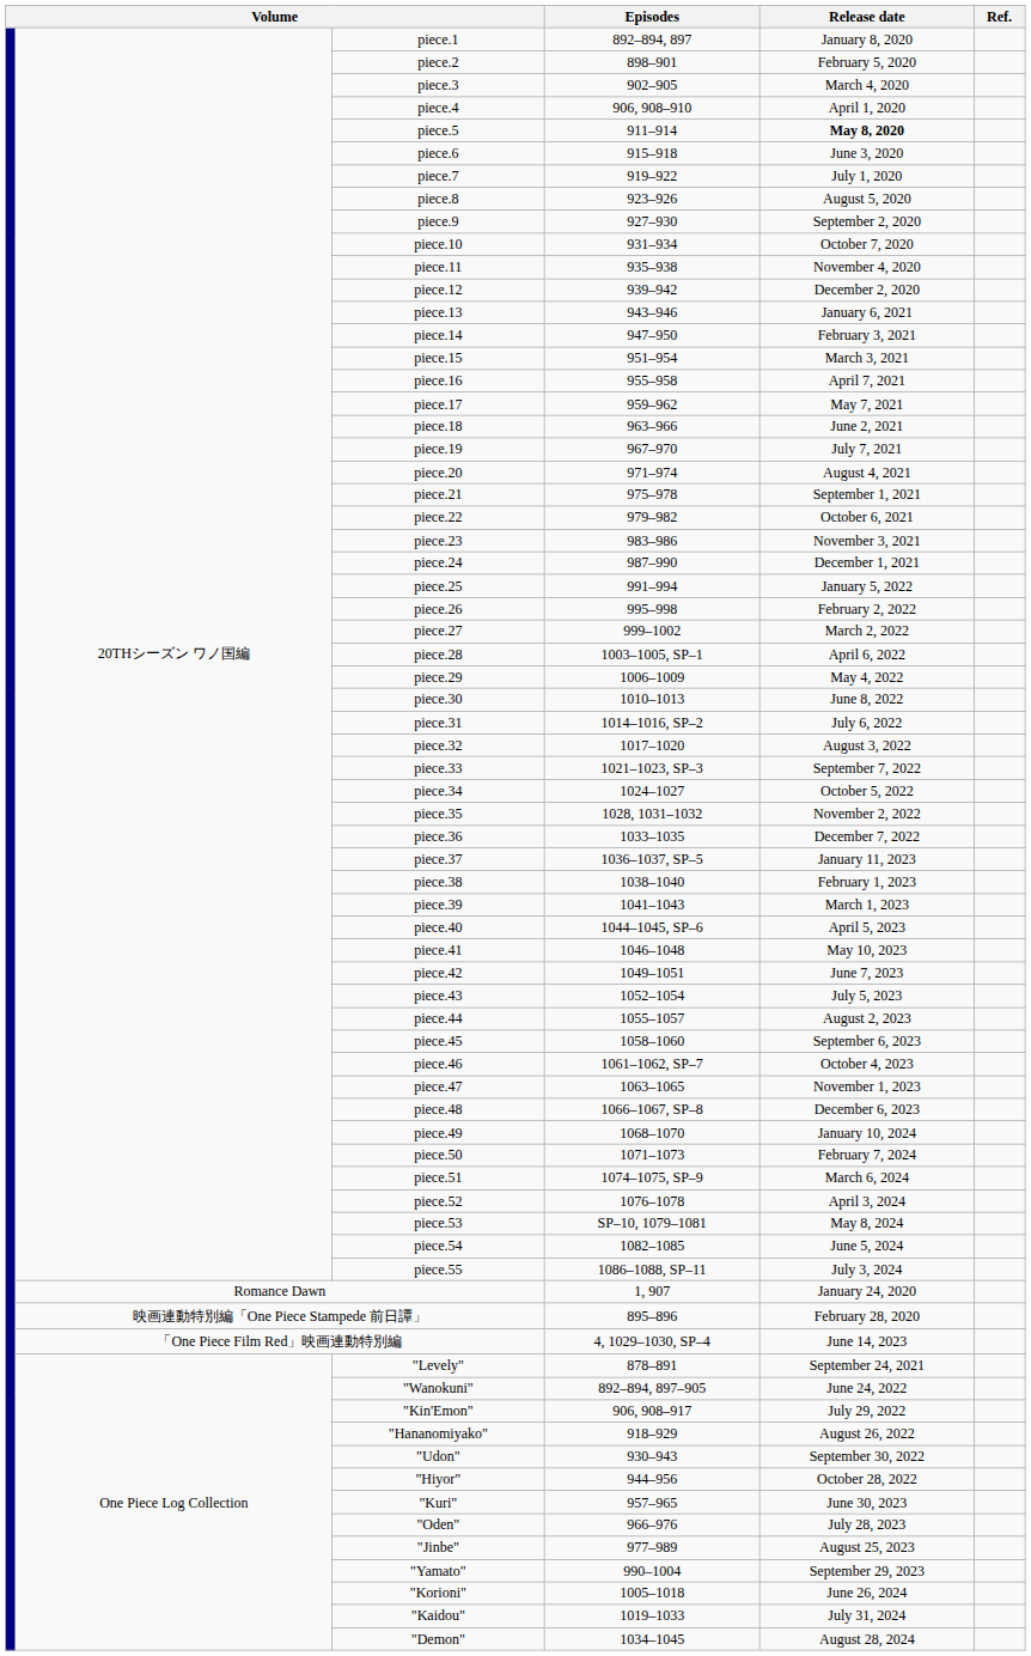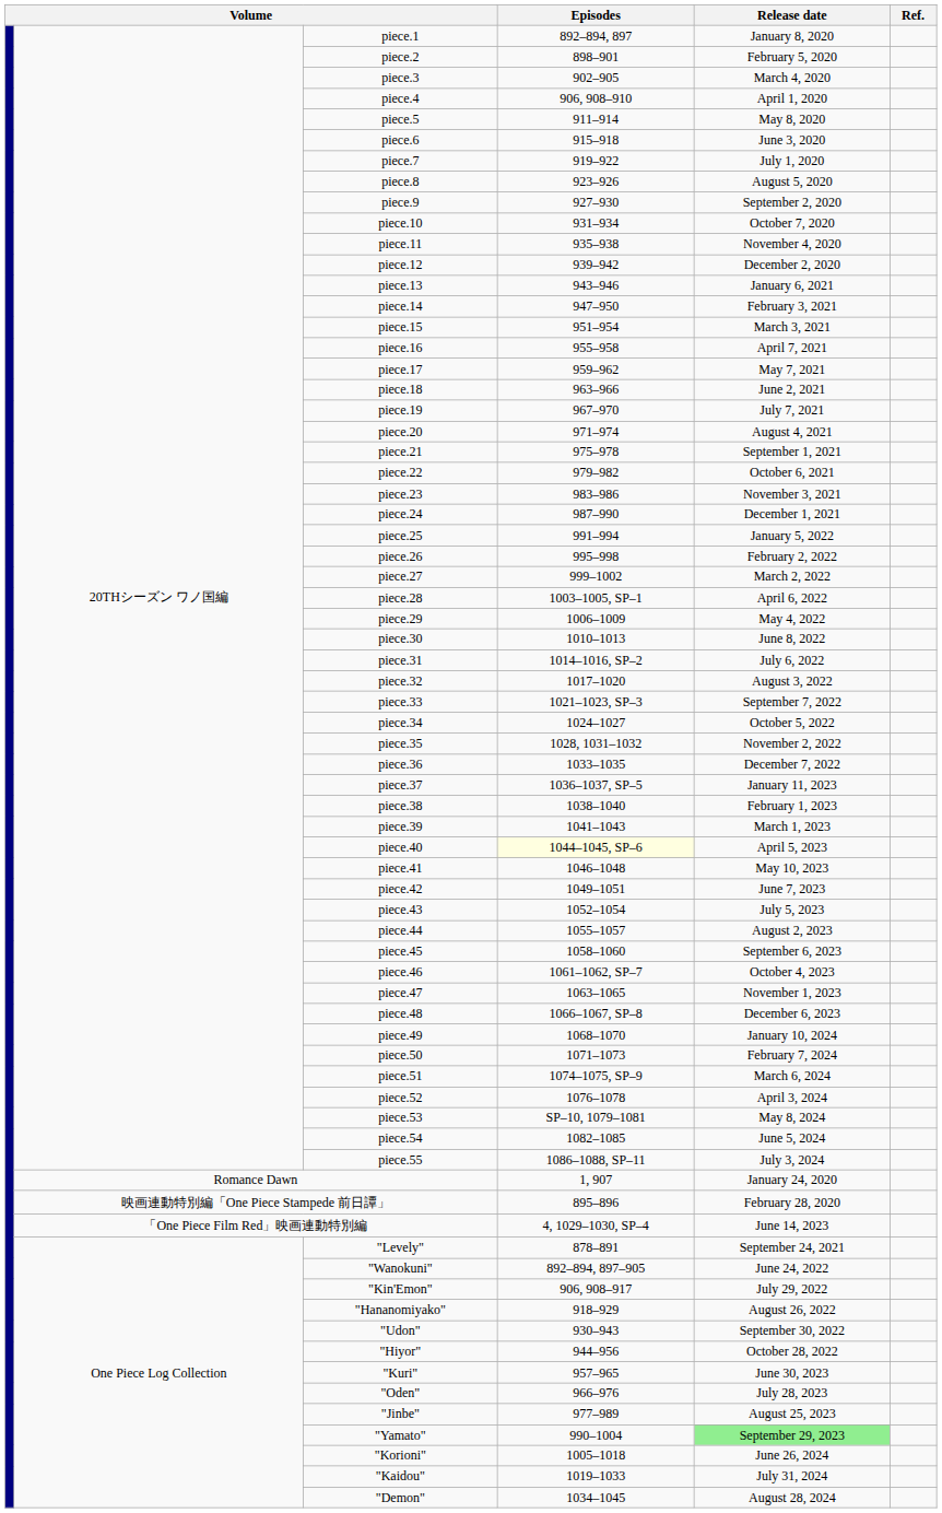 <table class="wikitable" style="text-align: center; width: 90%;">
 <tr>
 <th colspan="3">Volume</th>
 <th>Episodes</th>
 <th>Release date</th>
 <th style="width:5%;">Ref.</th>
 </tr>
 <tr>
 <td rowspan="99" style="width:1%; background:#000080;"></td>
 <td rowspan="55">20THシーズン ワノ国編</td>
 <td>piece.1</td>
 <td>892–894, 897</td>
 <td>January 8, 2020</td>
 <td></td>
 </tr>
 <tr>
 <td>piece.2</td>
 <td>898–901</td>
 <td>February 5, 2020</td>
 <td></td>
 </tr>
 <tr>
 <td>piece.3</td>
 <td>902–905</td>
 <td>March 4, 2020</td>
 <td></td>
 </tr>
 <tr>
 <td>piece.4</td>
 <td>906, 908–910</td>
 <td>April 1, 2020</td>
 <td></td>
 </tr>
 <tr>
 <td>piece.5</td>
 <td>911–914</td>
-<td><strong>May 8, 2020</strong></td>
+<td>May 8, 2020</td>
 <td></td>
 </tr>
 <tr>
 <td>piece.6</td>
 <td>915–918</td>
 <td>June 3, 2020</td>
 <td></td>
 </tr>
 <tr>
 <td>piece.7</td>
 <td>919–922</td>
 <td>July 1, 2020</td>
 <td></td>
 </tr>
 <tr>
 <td>piece.8</td>
 <td>923–926</td>
 <td>August 5, 2020</td>
 <td></td>
 </tr>
 <tr>
 <td>piece.9</td>
 <td>927–930</td>
 <td>September 2, 2020</td>
 <td></td>
 </tr>
 <tr>
 <td>piece.10</td>
 <td>931–934</td>
 <td>October 7, 2020</td>
 <td></td>
 </tr>
 <tr>
 <td>piece.11</td>
 <td>935–938</td>
 <td>November 4, 2020</td>
 <td></td>
 </tr>
 <tr>
 <td>piece.12</td>
 <td>939–942</td>
 <td>December 2, 2020</td>
 <td></td>
 </tr>
 <tr>
 <td>piece.13</td>
 <td>943–946</td>
 <td>January 6, 2021</td>
 <td></td>
 </tr>
 <tr>
 <td>piece.14</td>
 <td>947–950</td>
 <td>February 3, 2021</td>
 <td></td>
 </tr>
 <tr>
 <td>piece.15</td>
 <td>951–954</td>
 <td>March 3, 2021</td>
 <td></td>
 </tr>
 <tr>
 <td>piece.16</td>
 <td>955–958</td>
 <td>April 7, 2021</td>
 <td></td>
 </tr>
 <tr>
 <td>piece.17</td>
 <td>959–962</td>
 <td>May 7, 2021</td>
 <td></td>
 </tr>
 <tr>
 <td>piece.18</td>
 <td>963–966</td>
 <td>June 2, 2021</td>
 <td></td>
 </tr>
 <tr>
 <td>piece.19</td>
 <td>967–970</td>
 <td>July 7, 2021</td>
 <td></td>
 </tr>
 <tr>
 <td>piece.20</td>
 <td>971–974</td>
 <td>August 4, 2021</td>
 <td></td>
 </tr>
 <tr>
 <td>piece.21</td>
 <td>975–978</td>
 <td>September 1, 2021</td>
 <td></td>
 </tr>
 <tr>
 <td>piece.22</td>
 <td>979–982</td>
 <td>October 6, 2021</td>
 <td></td>
 </tr>
 <tr>
 <td>piece.23</td>
 <td>983–986</td>
 <td>November 3, 2021</td>
 <td></td>
 </tr>
 <tr>
 <td>piece.24</td>
 <td>987–990</td>
 <td>December 1, 2021</td>
 <td></td>
 </tr>
 <tr>
 <td>piece.25</td>
 <td>991–994</td>
 <td>January 5, 2022</td>
 <td></td>
 </tr>
 <tr>
 <td>piece.26</td>
 <td>995–998</td>
 <td>February 2, 2022</td>
 <td></td>
 </tr>
 <tr>
 <td>piece.27</td>
 <td>999–1002</td>
 <td>March 2, 2022</td>
 <td></td>
 </tr>
 <tr>
 <td>piece.28</td>
 <td>1003–1005, SP–1</td>
 <td>April 6, 2022</td>
 <td></td>
 </tr>
 <tr>
 <td>piece.29</td>
 <td>1006–1009</td>
 <td>May 4, 2022</td>
 <td></td>
 </tr>
 <tr>
 <td>piece.30</td>
 <td>1010–1013</td>
 <td>June 8, 2022</td>
 <td></td>
 </tr>
 <tr>
 <td>piece.31</td>
 <td>1014–1016, SP–2</td>
 <td>July 6, 2022</td>
 <td></td>
 </tr>
 <tr>
 <td>piece.32</td>
 <td>1017–1020</td>
 <td>August 3, 2022</td>
 <td></td>
 </tr>
 <tr>
 <td>piece.33</td>
 <td>1021–1023, SP–3</td>
 <td>September 7, 2022</td>
 <td></td>
 </tr>
 <tr>
 <td>piece.34</td>
 <td>1024–1027</td>
 <td>October 5, 2022</td>
 <td></td>
 </tr>
 <tr>
 <td>piece.35</td>
 <td>1028, 1031–1032</td>
 <td>November 2, 2022</td>
 <td></td>
 </tr>
 <tr>
 <td>piece.36</td>
 <td>1033–1035</td>
 <td>December 7, 2022</td>
 <td></td>
 </tr>
 <tr>
 <td>piece.37</td>
 <td>1036–1037, SP–5</td>
 <td>January 11, 2023</td>
 <td></td>
 </tr>
 <tr>
 <td>piece.38</td>
 <td>1038–1040</td>
 <td>February 1, 2023</td>
 <td></td>
 </tr>
 <tr>
 <td>piece.39</td>
 <td>1041–1043</td>
 <td>March 1, 2023</td>
 <td></td>
 </tr>
 <tr>
 <td>piece.40</td>
-<td>1044–1045, SP–6</td>
+<td style="background: lightyellow;">1044–1045, SP–6</td>
 <td>April 5, 2023</td>
 <td></td>
 </tr>
 <tr>
 <td>piece.41</td>
 <td>1046–1048</td>
 <td>May 10, 2023</td>
 <td></td>
 </tr>
 <tr>
 <td>piece.42</td>
 <td>1049–1051</td>
 <td>June 7, 2023</td>
 <td></td>
 </tr>
 <tr>
 <td>piece.43</td>
 <td>1052–1054</td>
 <td>July 5, 2023</td>
 <td></td>
 </tr>
 <tr>
 <td>piece.44</td>
 <td>1055–1057</td>
 <td>August 2, 2023</td>
 <td></td>
 </tr>
 <tr>
 <td>piece.45</td>
 <td>1058–1060</td>
 <td>September 6, 2023</td>
 <td></td>
 </tr>
 <tr>
 <td>piece.46</td>
 <td>1061–1062, SP–7</td>
 <td>October 4, 2023</td>
 <td></td>
 </tr>
 <tr>
 <td>piece.47</td>
 <td>1063–1065</td>
 <td>November 1, 2023</td>
 <td></td>
 </tr>
 <tr>
 <td>piece.48</td>
 <td>1066–1067, SP–8</td>
 <td>December 6, 2023</td>
 <td></td>
 </tr>
 <tr>
 <td>piece.49</td>
 <td>1068–1070</td>
 <td>January 10, 2024</td>
 <td></td>
 </tr>
 <tr>
 <td>piece.50</td>
 <td>1071–1073</td>
 <td>February 7, 2024</td>
 <td></td>
 </tr>
 <tr>
 <td>piece.51</td>
 <td>1074–1075, SP–9</td>
 <td>March 6, 2024</td>
 <td></td>
 </tr>
 <tr>
 <td>piece.52</td>
 <td>1076–1078</td>
 <td>April 3, 2024</td>
 <td></td>
 </tr>
 <tr>
 <td>piece.53</td>
 <td>SP–10, 1079–1081</td>
 <td>May 8, 2024</td>
 <td></td>
 </tr>
 <tr>
 <td>piece.54</td>
 <td>1082–1085</td>
 <td>June 5, 2024</td>
 <td></td>
 </tr>
 <tr>
 <td>piece.55</td>
 <td>1086–1088, SP–11</td>
 <td>July 3, 2024</td>
 <td></td>
 </tr>
 <tr>
 <td colspan="2">Romance Dawn</td>
 <td>1, 907</td>
 <td>January 24, 2020</td>
 <td></td>
 </tr>
 <tr>
 <td colspan="2">映画連動特別編「One Piece Stampede 前日譚」</td>
 <td>895–896</td>
 <td>February 28, 2020</td>
 <td></td>
 </tr>
 <tr>
 <td colspan="2">「One Piece Film Red」映画連動特別編</td>
 <td>4, 1029–1030, SP–4</td>
 <td>June 14, 2023</td>
 <td></td>
 </tr>
 <tr>
 <td rowspan="13">One Piece Log Collection</td>
 <td>"Levely"</td>
 <td>878–891</td>
 <td>September 24, 2021</td>
 <td></td>
 </tr>
 <tr>
 <td>"Wanokuni"</td>
 <td>892–894, 897–905</td>
 <td>June 24, 2022</td>
 <td></td>
 </tr>
 <tr>
 <td>"Kin'Emon"</td>
 <td>906, 908–917</td>
 <td>July 29, 2022</td>
 <td></td>
 </tr>
 <tr>
 <td>"Hananomiyako"</td>
 <td>918–929</td>
 <td>August 26, 2022</td>
 <td></td>
 </tr>
 <tr>
 <td>"Udon"</td>
 <td>930–943</td>
 <td>September 30, 2022</td>
 <td></td>
 </tr>
 <tr>
 <td>"Hiyor"</td>
 <td>944–956</td>
 <td>October 28, 2022</td>
 <td></td>
 </tr>
 <tr>
 <td>"Kuri"</td>
 <td>957–965</td>
 <td>June 30, 2023</td>
 <td></td>
 </tr>
 <tr>
 <td>"Oden"</td>
 <td>966–976</td>
 <td>July 28, 2023</td>
 <td></td>
 </tr>
 <tr>
 <td>"Jinbe"</td>
 <td>977–989</td>
 <td>August 25, 2023</td>
 <td></td>
 </tr>
 <tr>
 <td>"Yamato"</td>
 <td>990–1004</td>
-<td>September 29, 2023</td>
+<td style="background: lightgreen;">September 29, 2023</td>
 <td></td>
 </tr>
 <tr>
 <td>"Korioni"</td>
 <td>1005–1018</td>
 <td>June 26, 2024</td>
 <td></td>
 </tr>
 <tr>
 <td>"Kaidou"</td>
 <td>1019–1033</td>
 <td>July 31, 2024</td>
 <td></td>
 </tr>
 <tr>
 <td>"Demon"</td>
 <td>1034–1045</td>
 <td>August 28, 2024</td>
 <td></td>
 </tr>
 </table>
